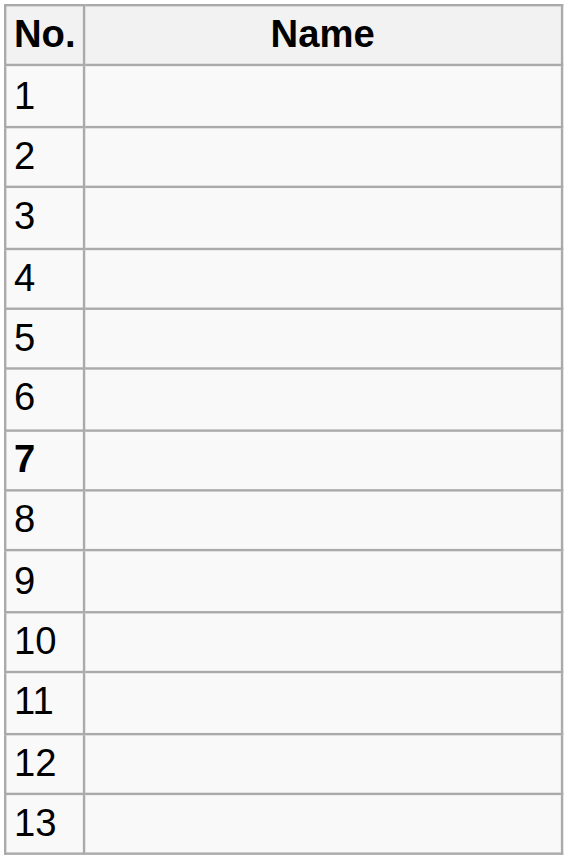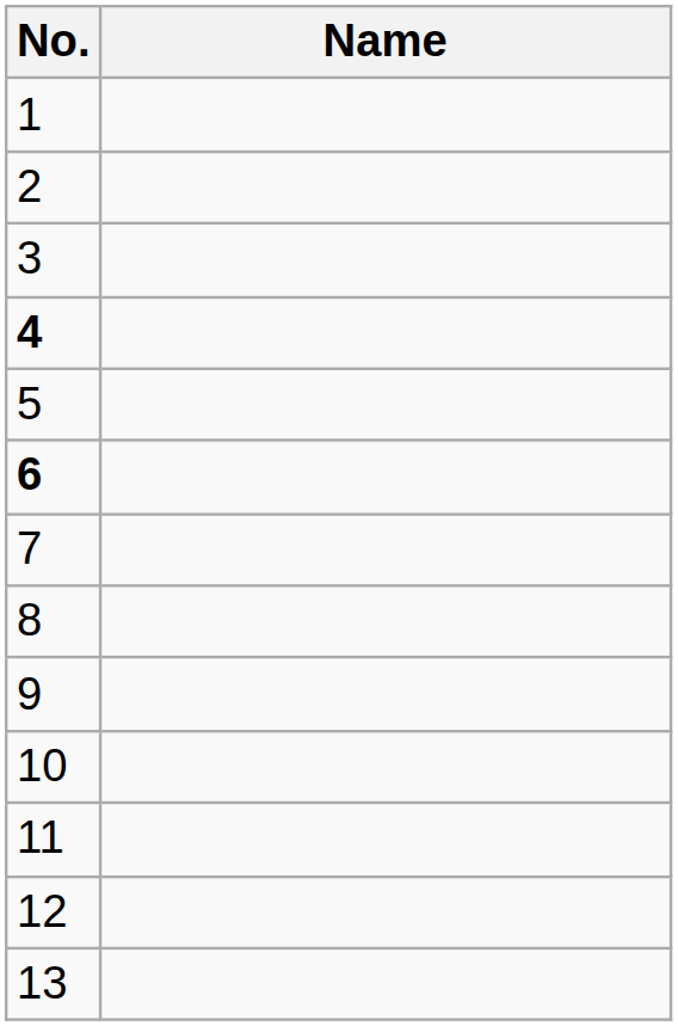 <table class=wikitable sortable style=font-size:100%; text-align:center;>
 <tr>
 <th>No.</th>
 <th style=width:12em>Name</th>
 </tr>
 <tr>
 <td>1</td>
 <td align=left></td>
 </tr>
 <tr>
 <td>2</td>
 <td align=left></td>
 </tr>
 <tr>
 <td>3</td>
 <td align=left></td>
 </tr>
 <tr>
-<td>4</td>
+<td><strong>4</strong></td>
 <td align=left></td>
 </tr>
 <tr>
 <td>5</td>
 <td align=left></td>
 </tr>
 <tr>
-<td>6</td>
+<td><strong>6</strong></td>
 <td align=left></td>
 </tr>
 <tr>
-<td><strong>7</strong></td>
+<td>7</td>
 <td align=left></td>
 </tr>
 <tr>
 <td>8</td>
 <td align=left></td>
 </tr>
 <tr>
 <td>9</td>
 <td align=left></td>
 </tr>
 <tr>
 <td>10</td>
 <td align=left></td>
 </tr>
 <tr>
 <td>11</td>
 <td align=left></td>
 </tr>
 <tr>
 <td>12</td>
 <td align=left></td>
 </tr>
 <tr>
 <td>13</td>
 <td align=left></td>
 </tr>
 </table>
